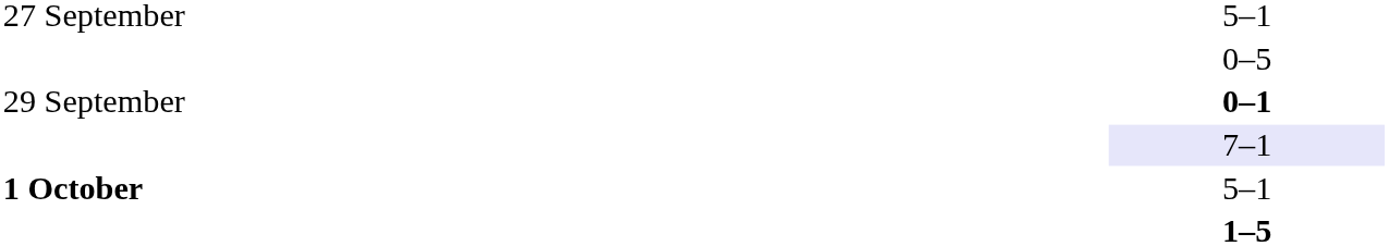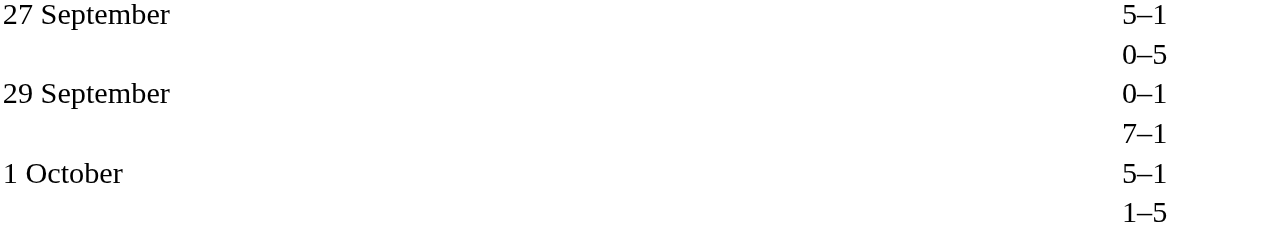 <table cellspacing=1 width=85%>
 <tr>
 <th width=15%></th>
 <th width=25%></th>
 <th width=10%></th>
 <th width=25%></th>
 <th width=25%></th>
 </tr>
 <tr>
 <td>27 September</td>
 <td align=right></td>
 <td align=center>5–1</td>
 <td></td>
 </tr>
 <tr>
 <td></td>
 <td align=right></td>
 <td align=center>0–5</td>
 <td></td>
 </tr>
 <tr>
 <td>29 September</td>
 <td align=right></td>
-<td align=center><strong>0–1</strong></td>
+<td align=center>0–1</td>
 <td></td>
 </tr>
 <tr>
 <td></td>
 <td align=right></td>
-<td align=center style="background: lavender;">7–1</td>
+<td align=center>7–1</td>
 <td></td>
 </tr>
 <tr>
-<td><strong>1 October</strong></td>
+<td>1 October</td>
 <td align=right></td>
 <td align=center>5–1</td>
 <td></td>
 </tr>
 <tr>
 <td></td>
 <td align=right></td>
-<td align=center><strong>1–5</strong></td>
+<td align=center>1–5</td>
 <td></td>
 </tr>
 </table>
